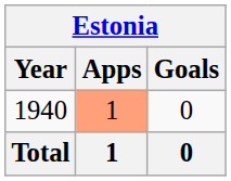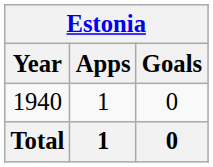 <table class="wikitable" style="text-align:center">
 <tr>
 <th colspan=3><a href='#'>Estonia</a></th>
 </tr>
 <tr>
 <th>Year</th>
 <th>Apps</th>
 <th>Goals</th>
 </tr>
 <tr>
 <td>1940</td>
-<td style="background: lightsalmon;">1</td>
+<td>1</td>
 <td>0</td>
 </tr>
 <tr>
 <th>Total</th>
 <th>1</th>
 <th>0</th>
 </tr>
 </table>
